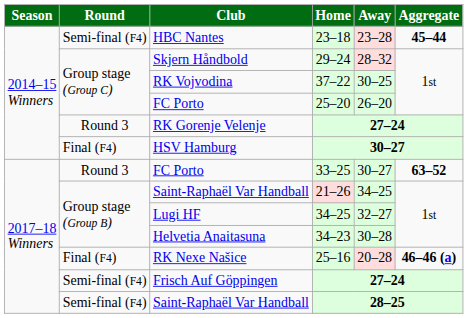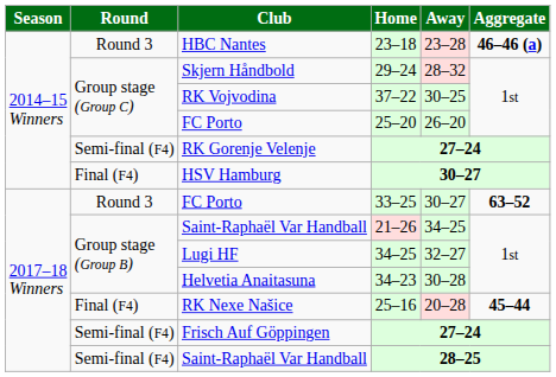 <table class="wikitable">
 <tr>
 <th style="color:#FFFFFF; background:#006D12">Season</th>
 <th style="color:#FFFFFF; background:#006D12">Round</th>
 <th style="color:#FFFFFF; background:#006D12">Club</th>
 <th style="color:#FFFFFF; background:#006D12">Home</th>
 <th style="color:#FFFFFF; background:#006D12">Away</th>
 <th style="color:#FFFFFF; background:#006D12">Aggregate</th>
 </tr>
 <tr>
 <td rowspan=6><a href='#'>2014–15</a><br> <em>Winners</em></td>
-<td>Semi-final (<small>F4</small>)</td>
+<td style="text-align:center;">Round 3</td>
 <td> <a href='#'>HBC Nantes</a></td>
 <td style="text-align:center; background:#dfd;">23–18</td>
 <td style="text-align:center; background:#fdd;">23–28</td>
-<td style="text-align:center;"><strong>45–44</strong></td>
+<td style="text-align:center;"><strong>46–46 (<a href='#'>a</a>)</strong></td>
 </tr>
 <tr>
 <td rowspan=3>Group stage<br><em>(<small>Group C</small>)</em></td>
 <td> <a href='#'>Skjern Håndbold</a></td>
 <td style="text-align:center; background:#dfd;">29–24</td>
 <td style="text-align:center; background:#fdd;">28–32</td>
 <td align=center rowspan=3>1<small>st</small></td>
 </tr>
 <tr>
 <td> <a href='#'>RK Vojvodina</a></td>
 <td style="text-align:center; background:#dfd;">37–22</td>
 <td style="text-align:center; background:#dfd;">30–25</td>
 </tr>
 <tr>
 <td> <a href='#'>FC Porto</a></td>
 <td style="text-align:center; background:#dfd;">25–20</td>
 <td style="text-align:center; background:#dfd;">26–20</td>
 </tr>
 <tr>
-<td style="text-align:center;">Round 3</td>
+<td>Semi-final (<small>F4</small>)</td>
 <td> <a href='#'>RK Gorenje Velenje</a></td>
 <td colspan=3; style="text-align:center; background:#dfd;"><strong>27–24</strong></td>
 </tr>
 <tr>
 <td>Final (<small>F4</small>)</td>
 <td> <a href='#'>HSV Hamburg</a></td>
 <td colspan=3; style="text-align:center; background:#dfd;"><strong>30–27</strong></td>
 </tr>
 <tr>
 <td rowspan=7><a href='#'>2017–18</a><br> <em>Winners</em></td>
 <td style="text-align:center;">Round 3</td>
 <td> <a href='#'>FC Porto</a></td>
 <td style="text-align:center; background:#dfd;">33–25</td>
 <td style="text-align:center; background:#dfd;">30–27</td>
 <td style="text-align:center;"><strong>63–52</strong></td>
 </tr>
 <tr>
 <td rowspan=3>Group stage<br><em>(<small>Group B</small>)</em></td>
 <td> <a href='#'>Saint-Raphaël Var Handball</a></td>
 <td style="text-align:center; background:#fdd;">21–26</td>
 <td style="text-align:center; background:#dfd;">34–25</td>
 <td align=center rowspan=3>1<small>st</small></td>
 </tr>
 <tr>
 <td> <a href='#'>Lugi HF</a></td>
 <td style="text-align:center; background:#dfd;">34–25</td>
 <td style="text-align:center; background:#dfd;">32–27</td>
 </tr>
 <tr>
 <td> <a href='#'>Helvetia Anaitasuna</a></td>
 <td style="text-align:center; background:#dfd;">34–23</td>
 <td style="text-align:center; background:#dfd;">30–28</td>
 </tr>
 <tr>
 <td>Final (<small>F4</small>)</td>
 <td> <a href='#'>RK Nexe Našice</a></td>
 <td style="text-align:center; background:#dfd;">25–16</td>
 <td style="text-align:center; background:#fdd;">20–28</td>
-<td style="text-align:center;"><strong>46–46 (<a href='#'>a</a>)</strong></td>
+<td style="text-align:center;"><strong>45–44</strong></td>
 </tr>
 <tr>
 <td>Semi-final (<small>F4</small>)</td>
 <td> <a href='#'>Frisch Auf Göppingen</a></td>
 <td colspan=3; style="text-align:center; background:#dfd;"><strong>27–24</strong></td>
 </tr>
 <tr>
 <td>Semi-final (<small>F4</small>)</td>
 <td> <a href='#'>Saint-Raphaël Var Handball</a></td>
 <td colspan=3; style="text-align:center; background:#dfd;"><strong>28–25</strong></td>
 </tr>
 </table>
